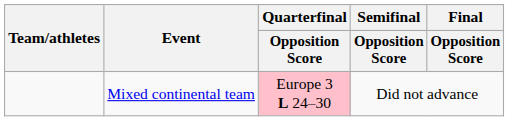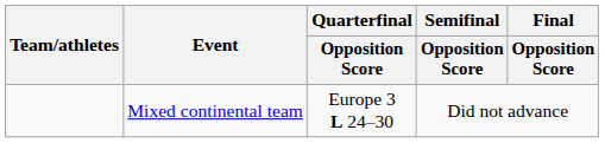 <table class="wikitable" style="font-size:90%;text-align:center;">
 <tr>
 <th rowspan="2">Team/athletes</th>
 <th rowspan="2">Event</th>
 <th>Quarterfinal</th>
 <th>Semifinal</th>
 <th>Final</th>
 </tr>
 <tr style="font-size:95%;">
 <th>Opposition<br>Score</th>
 <th>Opposition<br>Score</th>
 <th>Opposition<br>Score</th>
 </tr>
 <tr>
 <td style="text-align:left;"><br></td>
 <td style="text-align:left;"><a href='#'>Mixed continental team</a></td>
-<td style="background: pink;">Europe 3<br><strong>L</strong> 24–30</td>
+<td>Europe 3<br><strong>L</strong> 24–30</td>
 <td colspan="2">Did not advance</td>
 </tr>
 </table>
